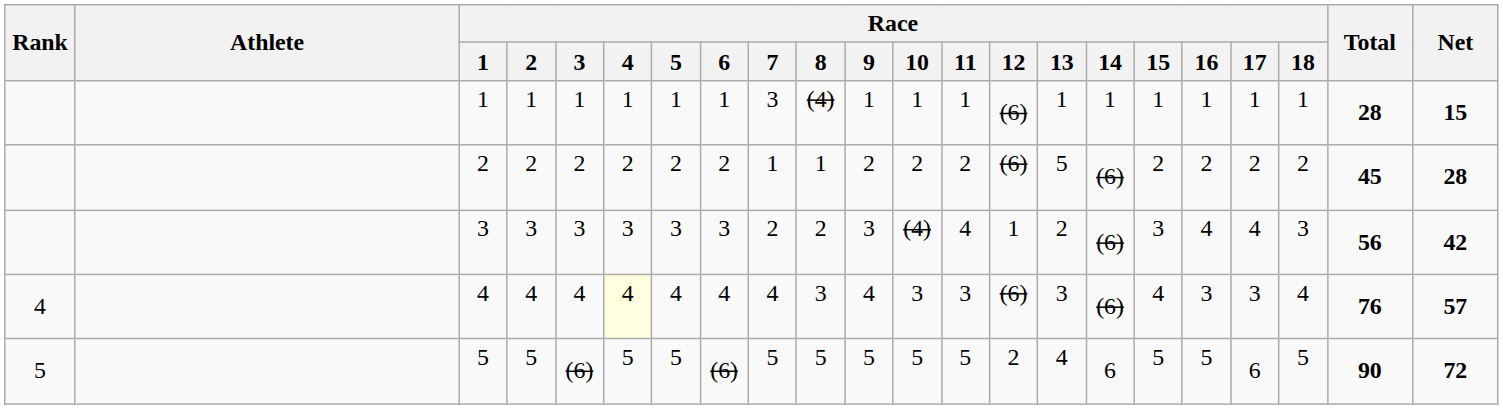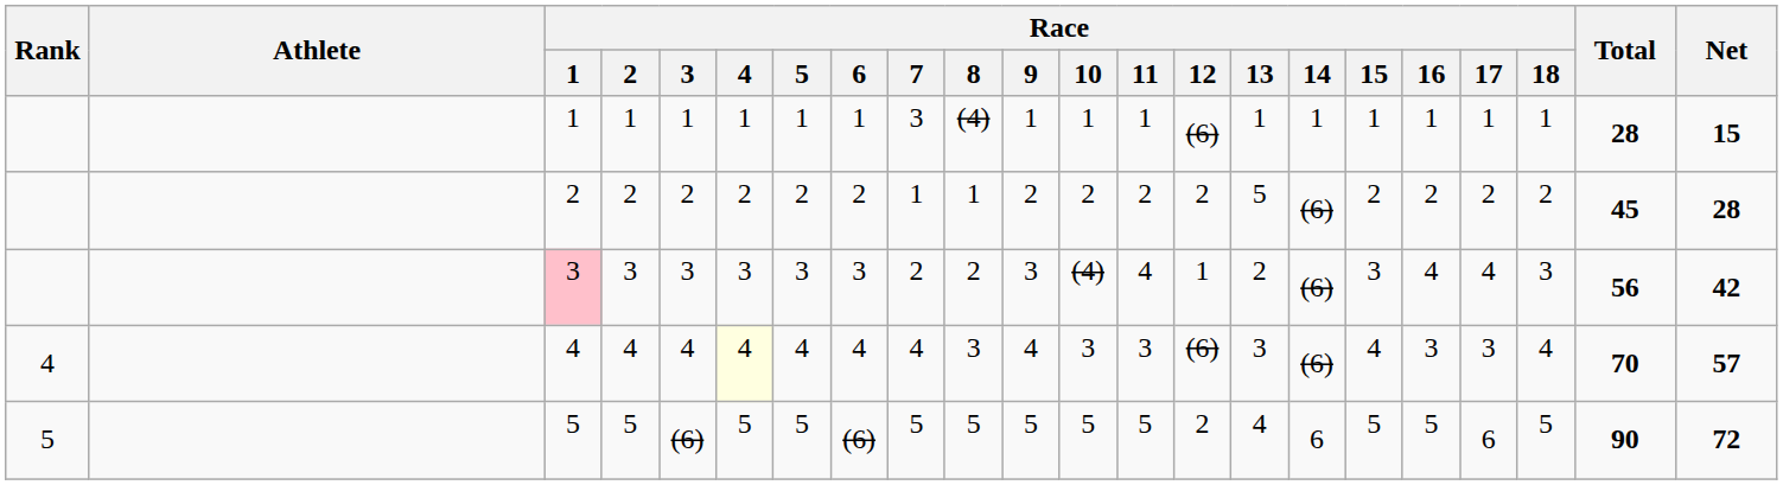 <table | class="wikitable" style="text-align:center">
 <tr>
 <th rowspan="2" width=40>Rank</th>
 <th rowspan="2" width=250>Athlete</th>
 <th colspan="18">Race</th>
 <th rowspan="2" width=50>Total</th>
 <th rowspan="2" width=50>Net</th>
 </tr>
 <tr>
 <th width=25>1</th>
 <th width=25>2</th>
 <th width=25>3</th>
 <th width=25>4</th>
 <th width=25>5</th>
 <th width=25>6</th>
 <th width=25>7</th>
 <th width=25>8</th>
 <th width=25>9</th>
 <th width=25>10</th>
 <th width=25>11</th>
 <th width=25>12</th>
 <th width=25>13</th>
 <th width=25>14</th>
 <th width=25>15</th>
 <th width=25>16</th>
 <th width=25>17</th>
 <th width=25>18</th>
 </tr>
 <tr>
 <td></td>
 <td align=left></td>
 <td>1<br> </td>
 <td>1<br> </td>
 <td>1<br> </td>
 <td>1<br> </td>
 <td>1<br> </td>
 <td>1<br> </td>
 <td>3<br> </td>
 <td><s>(4)</s><br> </td>
 <td>1<br> </td>
 <td>1<br> </td>
 <td>1<br> </td>
 <td><s>(6)</s><br></td>
 <td>1<br> </td>
 <td>1<br> </td>
 <td>1<br> </td>
 <td>1<br> </td>
 <td>1<br> </td>
 <td>1<br> </td>
 <td><strong>28</strong></td>
 <td><strong>15</strong></td>
 </tr>
 <tr>
 <td></td>
 <td align=left></td>
 <td>2<br> </td>
 <td>2<br> </td>
 <td>2<br> </td>
 <td>2<br> </td>
 <td>2<br> </td>
 <td>2<br> </td>
 <td>1<br> </td>
 <td>1<br> </td>
 <td>2<br> </td>
 <td>2<br> </td>
 <td>2<br> </td>
-<td><s>(6)</s><br> </td>
+<td>2<br> </td>
 <td>5<br> </td>
 <td><s>(6)</s><br></td>
 <td>2<br> </td>
 <td>2<br> </td>
 <td>2<br> </td>
 <td>2<br> </td>
 <td><strong>45</strong></td>
 <td><strong>28</strong></td>
 </tr>
 <tr>
 <td></td>
 <td align=left></td>
-<td>3<br> </td>
+<td style="background: pink;">3<br> </td>
 <td>3<br> </td>
 <td>3<br> </td>
 <td>3<br> </td>
 <td>3<br> </td>
 <td>3<br> </td>
 <td>2<br> </td>
 <td>2<br> </td>
 <td>3<br> </td>
 <td><s>(4)</s><br> </td>
 <td>4<br> </td>
 <td>1<br> </td>
 <td>2<br> </td>
 <td><s>(6)</s><br></td>
 <td>3<br> </td>
 <td>4<br> </td>
 <td>4<br> </td>
 <td>3<br> </td>
 <td><strong>56</strong></td>
 <td><strong>42</strong></td>
 </tr>
 <tr>
 <td>4</td>
 <td align=left></td>
 <td>4<br> </td>
 <td>4<br> </td>
 <td>4<br> </td>
 <td style="background: lightyellow;">4<br> </td>
 <td>4<br> </td>
 <td>4<br> </td>
 <td>4<br> </td>
 <td>3<br> </td>
 <td>4<br> </td>
 <td>3<br> </td>
 <td>3<br> </td>
 <td><s>(6)</s><br> </td>
 <td>3<br> </td>
 <td><s>(6)</s><br></td>
 <td>4<br> </td>
 <td>3<br> </td>
 <td>3<br> </td>
 <td>4<br> </td>
-<td><strong>76</strong></td>
+<td><strong>70</strong></td>
 <td><strong>57</strong></td>
 </tr>
 <tr>
 <td>5</td>
 <td align=left></td>
 <td>5<br> </td>
 <td>5<br> </td>
 <td><s>(6)</s><br></td>
 <td>5<br> </td>
 <td>5<br> </td>
 <td><s>(6)</s><br></td>
 <td>5<br> </td>
 <td>5<br> </td>
 <td>5<br> </td>
 <td>5<br> </td>
 <td>5<br> </td>
 <td>2<br> </td>
 <td>4<br> </td>
 <td>6<br></td>
 <td>5<br> </td>
 <td>5<br> </td>
 <td>6<br></td>
 <td>5<br> </td>
 <td><strong>90</strong></td>
 <td><strong>72</strong></td>
 </tr>
 </table>
